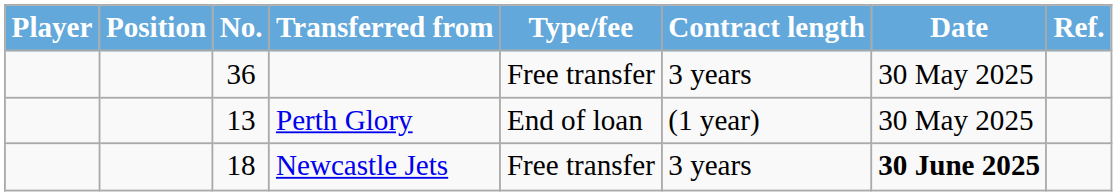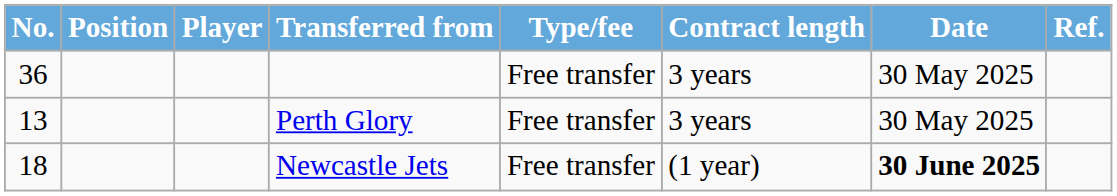 <table class="wikitable plainrowheaders sortable" style="text-align:center; text-align:left">
 <tr>
+<th scope="col" style="background:#62a8da;color:white">No.</th>
+<th scope="col" style="background:#62a8da;color:white">Position</th>
 <th scope="col" style="background:#62a8da;color:white">Player</th>
-<th scope="col" style="background:#62a8da;color:white">Position</th>
-<th scope="col" style="background:#62a8da;color:white">No.</th>
 <th scope="col" style="background:#62a8da;color:white">Transferred from</th>
 <th scope="col" style="background:#62a8da;color:white">Type/fee</th>
 <th scope="col" style="background:#62a8da;color:white">Contract length</th>
 <th scope="col" style="background:#62a8da;color:white">Date</th>
 <th scope="col" class="unsortable" style="background:#62a8da;color:white">Ref.</th>
 </tr>
 <tr>
+<td style="text-align:center;">36</td>
+<td style="text-align:center;"></td>
 <td></td>
-<td style="text-align:center;"></td>
-<td style="text-align:center;">36</td>
 <td></td>
 <td>Free transfer</td>
 <td>3 years</td>
 <td>30 May 2025</td>
 <td></td>
 </tr>
 <tr>
+<td style="text-align:center;">13</td>
+<td style="text-align:center;"></td>
 <td></td>
-<td style="text-align:center;"></td>
-<td style="text-align:center;">13</td>
 <td><a href='#'>Perth Glory</a></td>
-<td>End of loan</td>
-<td>(1 year)</td>
+<td>Free transfer</td>
+<td>3 years</td>
 <td>30 May 2025</td>
 <td></td>
 </tr>
 <tr>
+<td style="text-align:center;">18</td>
+<td style="text-align:center;"></td>
 <td></td>
-<td style="text-align:center;"></td>
-<td style="text-align:center;">18</td>
 <td><a href='#'>Newcastle Jets</a></td>
 <td>Free transfer</td>
-<td>3 years</td>
+<td>(1 year)</td>
 <td><strong>30 June 2025</strong></td>
 <td></td>
 </tr>
 </table>
